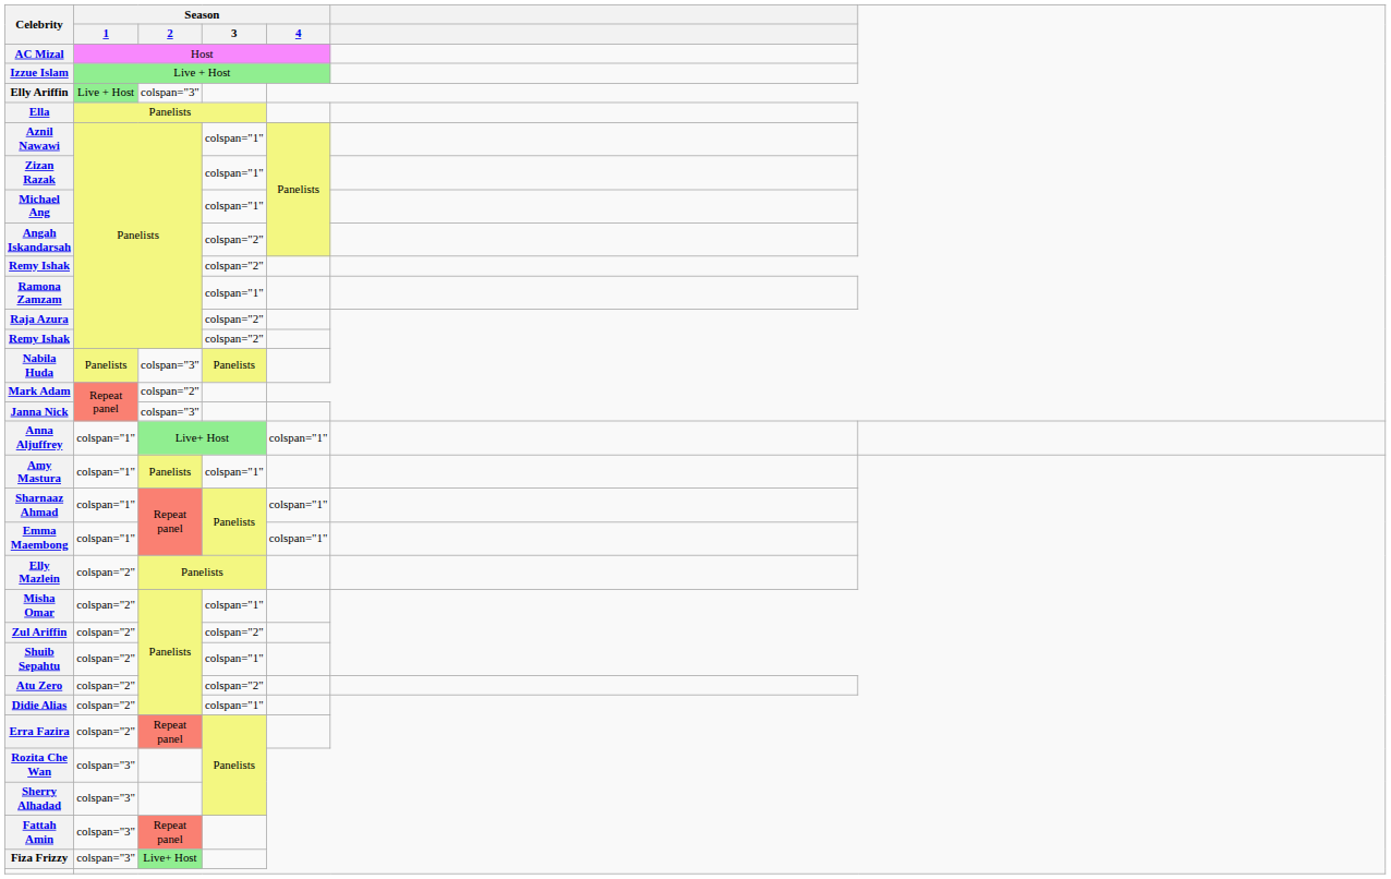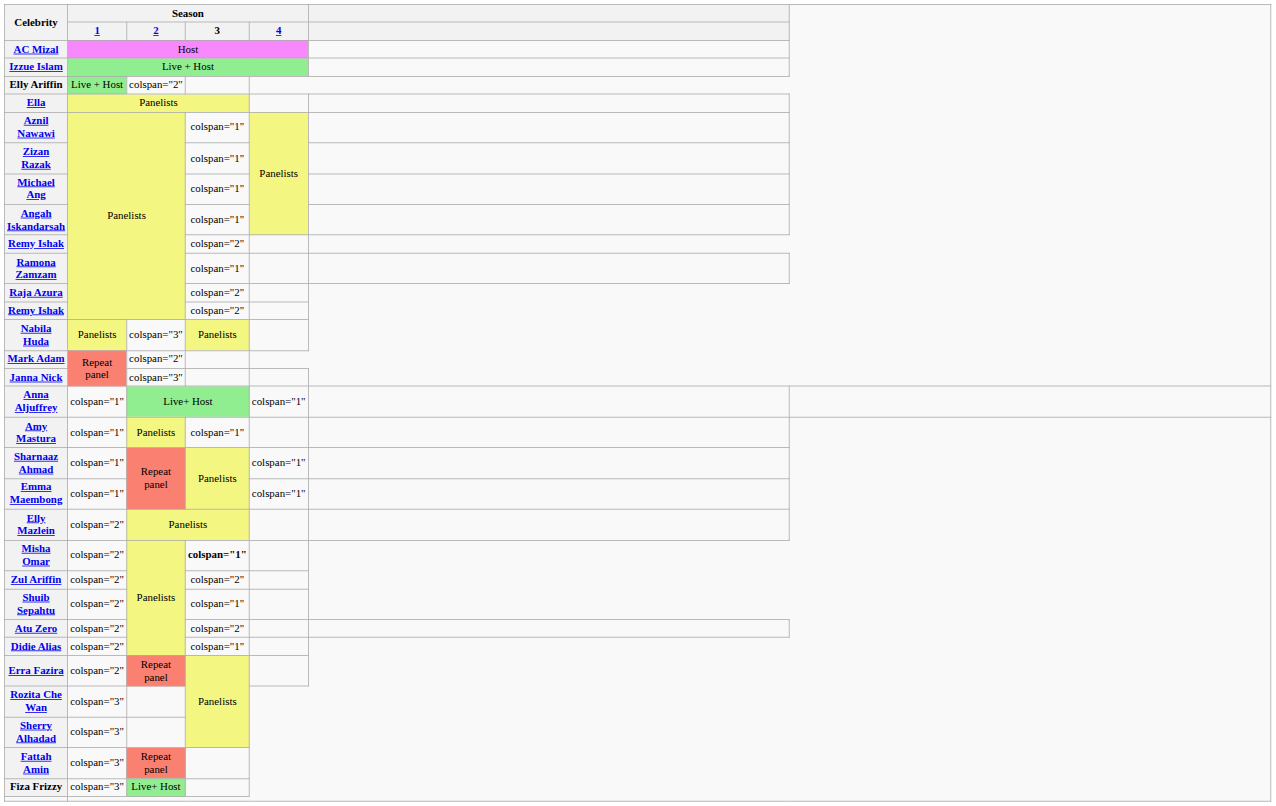 <table class="wikitable plainrowheaders" style="text-align:center; font-size:85%; width:100%">
 <tr>
 <th rowspan="2" scope="col" style="width:5%;">Celebrity</th>
 <th colspan="4" scope="col">Season</th>
 <th></th>
 </tr>
 <tr>
 <th scope="col" style="width:4%;"><a href='#'>1</a></th>
 <th scope="col" style="width:4%;"><a href='#'>2</a></th>
 <th scope="col" style="width:4%;">3</th>
 <th scope="col" style="width:4%;"><a href='#'>4</a></th>
 <th></th>
 </tr>
 <tr>
 <th scope="row"><a href='#'>AC Mizal</a></th>
 <td colspan="4" bgcolor="#F888FD">Host</td>
 <td></td>
 </tr>
 <tr>
 <th scope="row"><a href='#'>Izzue Islam</a></th>
 <td colspan="4" bgcolor="lightgreen">Live + Host</td>
 <td></td>
 </tr>
 <tr>
 <th scope="row">Elly Ariffin</th>
 <td colspan="1" bgcolor="lightgreen">Live + Host</td>
-<td>colspan="3" </td>
+<td>colspan="2" </td>
 <td></td>
 </tr>
 <tr>
 <th scope="row"><a href='#'>Ella</a></th>
 <td colspan="3" bgcolor="#F3F781">Panelists</td>
 <td></td>
 <td></td>
 </tr>
 <tr>
 <th scope="row"><a href='#'>Aznil Nawawi</a></th>
 <td colspan="2" rowspan="8" bgcolor="#F3F781">Panelists</td>
 <td>colspan="1" </td>
 <td colspan="1" rowspan="4" bgcolor="#F3F781">Panelists</td>
 <td></td>
 </tr>
 <tr>
 <th scope="row"><a href='#'>Zizan Razak</a></th>
 <td>colspan="1" </td>
 <td></td>
 </tr>
 <tr>
 <th scope="row"><a href='#'>Michael Ang</a></th>
 <td>colspan="1" </td>
 <td></td>
 </tr>
 <tr>
 <th scope="row"><a href='#'>Angah Iskandarsah</a></th>
-<td>colspan="2" </td>
+<td>colspan="1" </td>
 <td></td>
 </tr>
 <tr>
 <th scope="row"><a href='#'>Remy Ishak</a></th>
 <td>colspan="2" </td>
 <td></td>
 </tr>
 <tr>
 <th scope="row"><a href='#'>Ramona Zamzam</a></th>
 <td>colspan="1" </td>
 <td></td>
 <td></td>
 </tr>
 <tr>
 <th scope="row"><a href='#'>Raja Azura</a></th>
 <td>colspan="2" </td>
 <td></td>
 </tr>
 <tr>
 <th scope="row"><a href='#'>Remy Ishak</a></th>
 <td>colspan="2" </td>
 <td></td>
 </tr>
 <tr>
 <th scope="row"><a href='#'>Nabila Huda</a></th>
 <td colspan="1" bgcolor="#F3F781">Panelists</td>
 <td>colspan="3" </td>
 <td colspan="1" bgcolor="#F3F781">Panelists</td>
 <td></td>
 </tr>
 <tr>
 <th scope="row"><a href='#'>Mark Adam</a></th>
 <td colspan="1" rowspan="2" bgcolor="salmon">Repeat panel</td>
 <td>colspan="2" </td>
 <td></td>
 </tr>
 <tr>
 <th scope="row"><a href='#'>Janna Nick</a></th>
 <td>colspan="3" </td>
 <td></td>
 <td></td>
 </tr>
 <tr>
 <th scope="row"><a href='#'>Anna Aljuffrey</a></th>
 <td>colspan="1" </td>
 <td colspan="2" bgcolor="lightgreen">Live+ Host</td>
 <td>colspan="1" </td>
 <td></td>
 <td></td>
 </tr>
 <tr>
 <th scope="row"><a href='#'>Amy Mastura</a></th>
 <td>colspan="1" </td>
 <td colspan="1" bgcolor="#F3F781">Panelists</td>
 <td>colspan="1" </td>
 <td></td>
 <td></td>
 </tr>
 <tr>
 <th scope="row"><a href='#'>Sharnaaz Ahmad</a></th>
 <td>colspan="1" </td>
 <td colspan="1" rowspan="2" bgcolor="salmon">Repeat panel</td>
 <td colspan="1" rowspan="2" bgcolor="#F3F781">Panelists</td>
 <td>colspan="1" </td>
 <td></td>
 </tr>
 <tr>
 <th scope="row"><a href='#'>Emma Maembong</a></th>
 <td>colspan="1" </td>
 <td>colspan="1" </td>
 <td></td>
 </tr>
 <tr>
 <th scope="row"><a href='#'>Elly Mazlein</a></th>
 <td>colspan="2" </td>
 <td colspan="2" bgcolor="#F3F781">Panelists</td>
 <td></td>
 <td></td>
 </tr>
 <tr>
 <th scope="row"><a href='#'>Misha Omar</a></th>
 <td>colspan="2" </td>
 <td colspan="1" rowspan="5" bgcolor="#F3F781">Panelists</td>
-<td>colspan="1" </td>
+<td><strong>colspan="1" </strong></td>
 <td></td>
 </tr>
 <tr ,>
 <th scope="row"><a href='#'>Zul Ariffin</a></th>
 <td>colspan="2" </td>
 <td>colspan="2" </td>
 <td></td>
 </tr>
 <tr>
 <th scope="row"><a href='#'>Shuib Sepahtu</a></th>
 <td>colspan="2" </td>
 <td>colspan="1" </td>
 <td></td>
 </tr>
 <tr>
 <th scope="row"><a href='#'>Atu Zero</a></th>
 <td>colspan="2" </td>
 <td>colspan="2" </td>
 <td></td>
 <td></td>
 </tr>
 <tr>
 <th scope="row"><a href='#'>Didie Alias</a></th>
 <td>colspan="2" </td>
 <td>colspan="1" </td>
 <td></td>
 </tr>
 <tr>
 <th scope="row"><a href='#'>Erra Fazira</a></th>
 <td>colspan="2" </td>
 <td colspan="1" bgcolor="salmon">Repeat panel</td>
 <td colspan="1" rowspan="3" bgcolor="#F3F781">Panelists</td>
 <td></td>
 </tr>
 <tr>
 <th scope="row"><a href='#'>Rozita Che Wan</a></th>
 <td>colspan="3" </td>
 <td></td>
 </tr>
 <tr>
 <th scope="row"><a href='#'>Sherry Alhadad</a></th>
 <td>colspan="3" </td>
 <td></td>
 </tr>
 <tr>
 <th scope="row"><a href='#'>Fattah Amin</a></th>
 <td>colspan="3" </td>
 <td colspan="1" bgcolor="salmon">Repeat panel</td>
 <td></td>
 </tr>
 <tr>
 <th scope="row">Fiza Frizzy</th>
 <td>colspan="3" </td>
 <td colspan="1" bgcolor="lightgreen">Live+ Host</td>
 <td></td>
 </tr>
 <tr>
 <td></td>
 </tr>
 </table>
